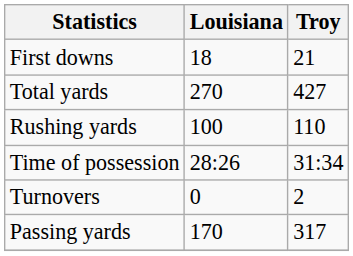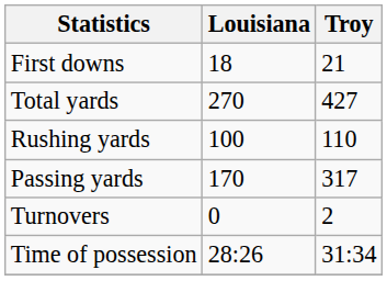 <table class="wikitable">
 <tr>
 <th>Statistics</th>
 <th>Louisiana</th>
 <th>Troy</th>
 </tr>
 <tr>
 <td>First downs</td>
 <td>18</td>
 <td>21</td>
 </tr>
 <tr>
 <td>Total yards</td>
 <td>270</td>
 <td>427</td>
 </tr>
 <tr>
 <td>Rushing yards</td>
 <td>100</td>
 <td>110</td>
 </tr>
 <tr>
-<td>Time of possession</td>
-<td>28:26</td>
-<td>31:34</td>
+<td>Passing yards</td>
+<td>170</td>
+<td>317</td>
 </tr>
 <tr>
 <td>Turnovers</td>
 <td>0</td>
 <td>2</td>
 </tr>
 <tr>
-<td>Passing yards</td>
-<td>170</td>
-<td>317</td>
+<td>Time of possession</td>
+<td>28:26</td>
+<td>31:34</td>
 </tr>
 <tr>
 </tr>
 </table>
